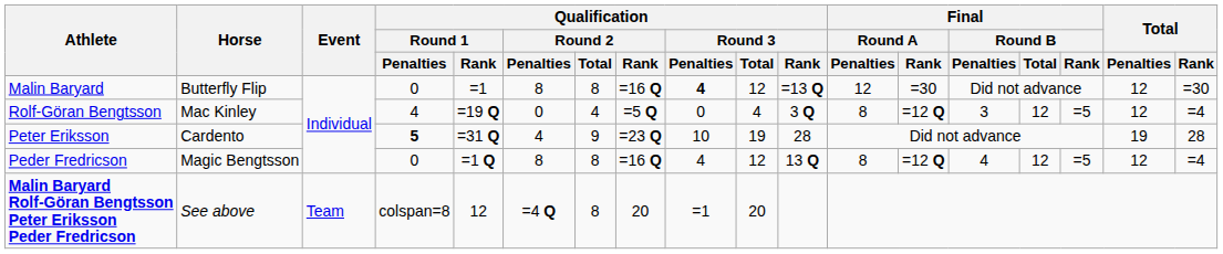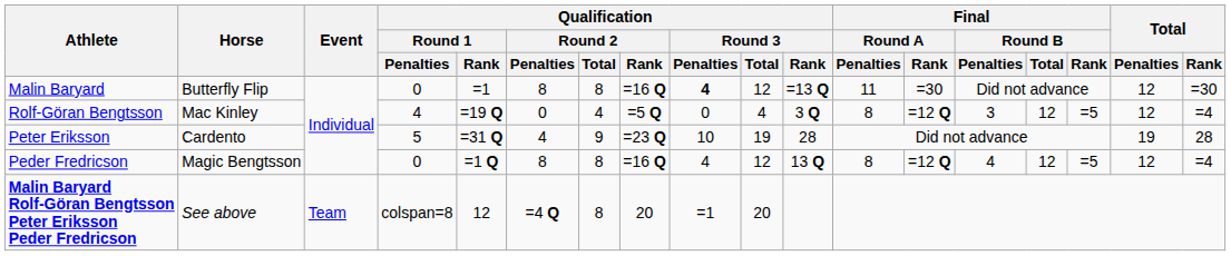 <table class="wikitable" style="font-size:90%">
 <tr>
 <th rowspan="3">Athlete</th>
 <th rowspan="3">Horse</th>
 <th rowspan="3">Event</th>
 <th colspan="8">Qualification</th>
 <th colspan="5">Final</th>
 <th rowspan=2 colspan="2">Total</th>
 </tr>
 <tr style="font-size:95%">
 <th colspan="2">Round 1</th>
 <th colspan="3">Round 2</th>
 <th colspan="3">Round 3</th>
 <th colspan="2">Round A</th>
 <th colspan="3">Round B</th>
 </tr>
 <tr style="font-size:95%">
 <th>Penalties</th>
 <th>Rank</th>
 <th>Penalties</th>
 <th>Total</th>
 <th>Rank</th>
 <th>Penalties</th>
 <th>Total</th>
 <th>Rank</th>
 <th>Penalties</th>
 <th>Rank</th>
 <th>Penalties</th>
 <th>Total</th>
 <th>Rank</th>
 <th>Penalties</th>
 <th>Rank</th>
 </tr>
 <tr align=center>
 <td align=left><a href='#'>Malin Baryard</a></td>
 <td align=left>Butterfly Flip</td>
 <td align=left rowspan=4><a href='#'>Individual</a></td>
 <td>0</td>
 <td>=1</td>
 <td>8</td>
 <td>8</td>
 <td>=16 <strong>Q</strong></td>
 <td><strong>4</strong></td>
 <td>12</td>
 <td>=13 <strong>Q</strong></td>
-<td>12</td>
+<td>11</td>
 <td>=30</td>
 <td colspan=3>Did not advance</td>
 <td>12</td>
 <td>=30</td>
 </tr>
 <tr align=center>
 <td align=left><a href='#'>Rolf-Göran Bengtsson</a></td>
 <td align=left>Mac Kinley</td>
 <td>4</td>
 <td>=19 <strong>Q</strong></td>
 <td>0</td>
 <td>4</td>
 <td>=5 <strong>Q</strong></td>
 <td>0</td>
 <td>4</td>
 <td>3 <strong>Q</strong></td>
 <td>8</td>
 <td>=12 <strong>Q</strong></td>
 <td>3</td>
 <td>12</td>
 <td>=5</td>
 <td>12</td>
 <td>=4</td>
 </tr>
 <tr align=center>
 <td align=left><a href='#'>Peter Eriksson</a></td>
 <td align=left>Cardento</td>
-<td><strong>5</strong></td>
+<td>5</td>
 <td>=31 <strong>Q</strong></td>
 <td>4</td>
 <td>9</td>
 <td>=23 <strong>Q</strong></td>
 <td>10</td>
 <td>19</td>
 <td>28</td>
 <td colspan=5>Did not advance</td>
 <td>19</td>
 <td>28</td>
 </tr>
 <tr align=center>
 <td align=left><a href='#'>Peder Fredricson</a></td>
 <td align=left>Magic Bengtsson</td>
 <td>0</td>
 <td>=1 <strong>Q</strong></td>
 <td>8</td>
 <td>8</td>
 <td>=16 <strong>Q</strong></td>
 <td>4</td>
 <td>12</td>
 <td>13 <strong>Q</strong></td>
 <td>8</td>
 <td>=12 <strong>Q</strong></td>
 <td>4</td>
 <td>12</td>
 <td>=5</td>
 <td>12</td>
 <td>=4</td>
 </tr>
 <tr align=center>
 <td align=left><strong><a href='#'>Malin Baryard</a><br><a href='#'>Rolf-Göran Bengtsson</a><br><a href='#'>Peter Eriksson</a><br><a href='#'>Peder Fredricson</a></strong></td>
 <td align=left><em>See above</em></td>
 <td align=left><a href='#'>Team</a></td>
 <td>colspan=8 </td>
 <td>12</td>
 <td>=4 <strong>Q</strong></td>
 <td>8</td>
 <td>20</td>
 <td>=1</td>
 <td>20</td>
 <td></td>
 </tr>
 </table>
